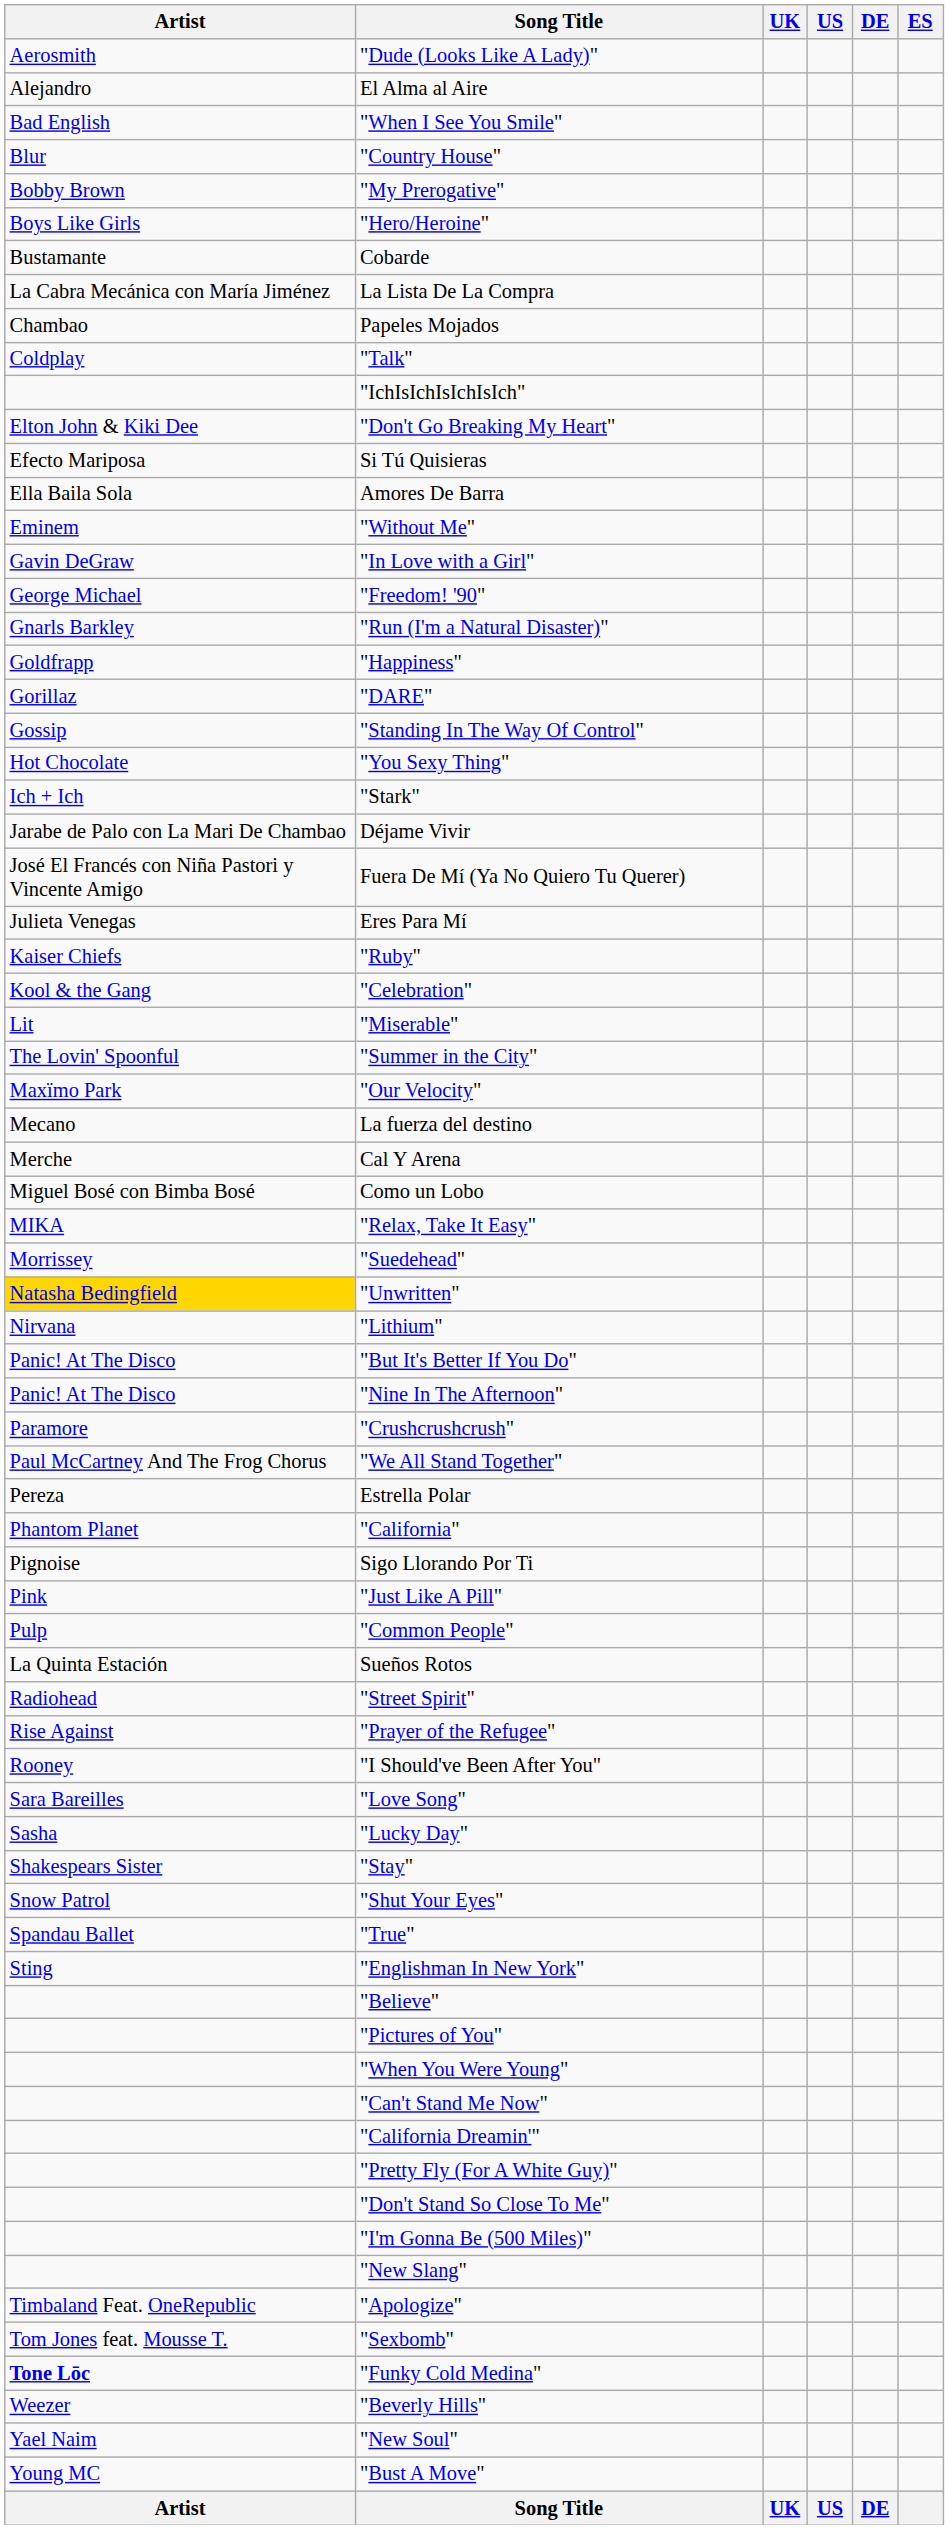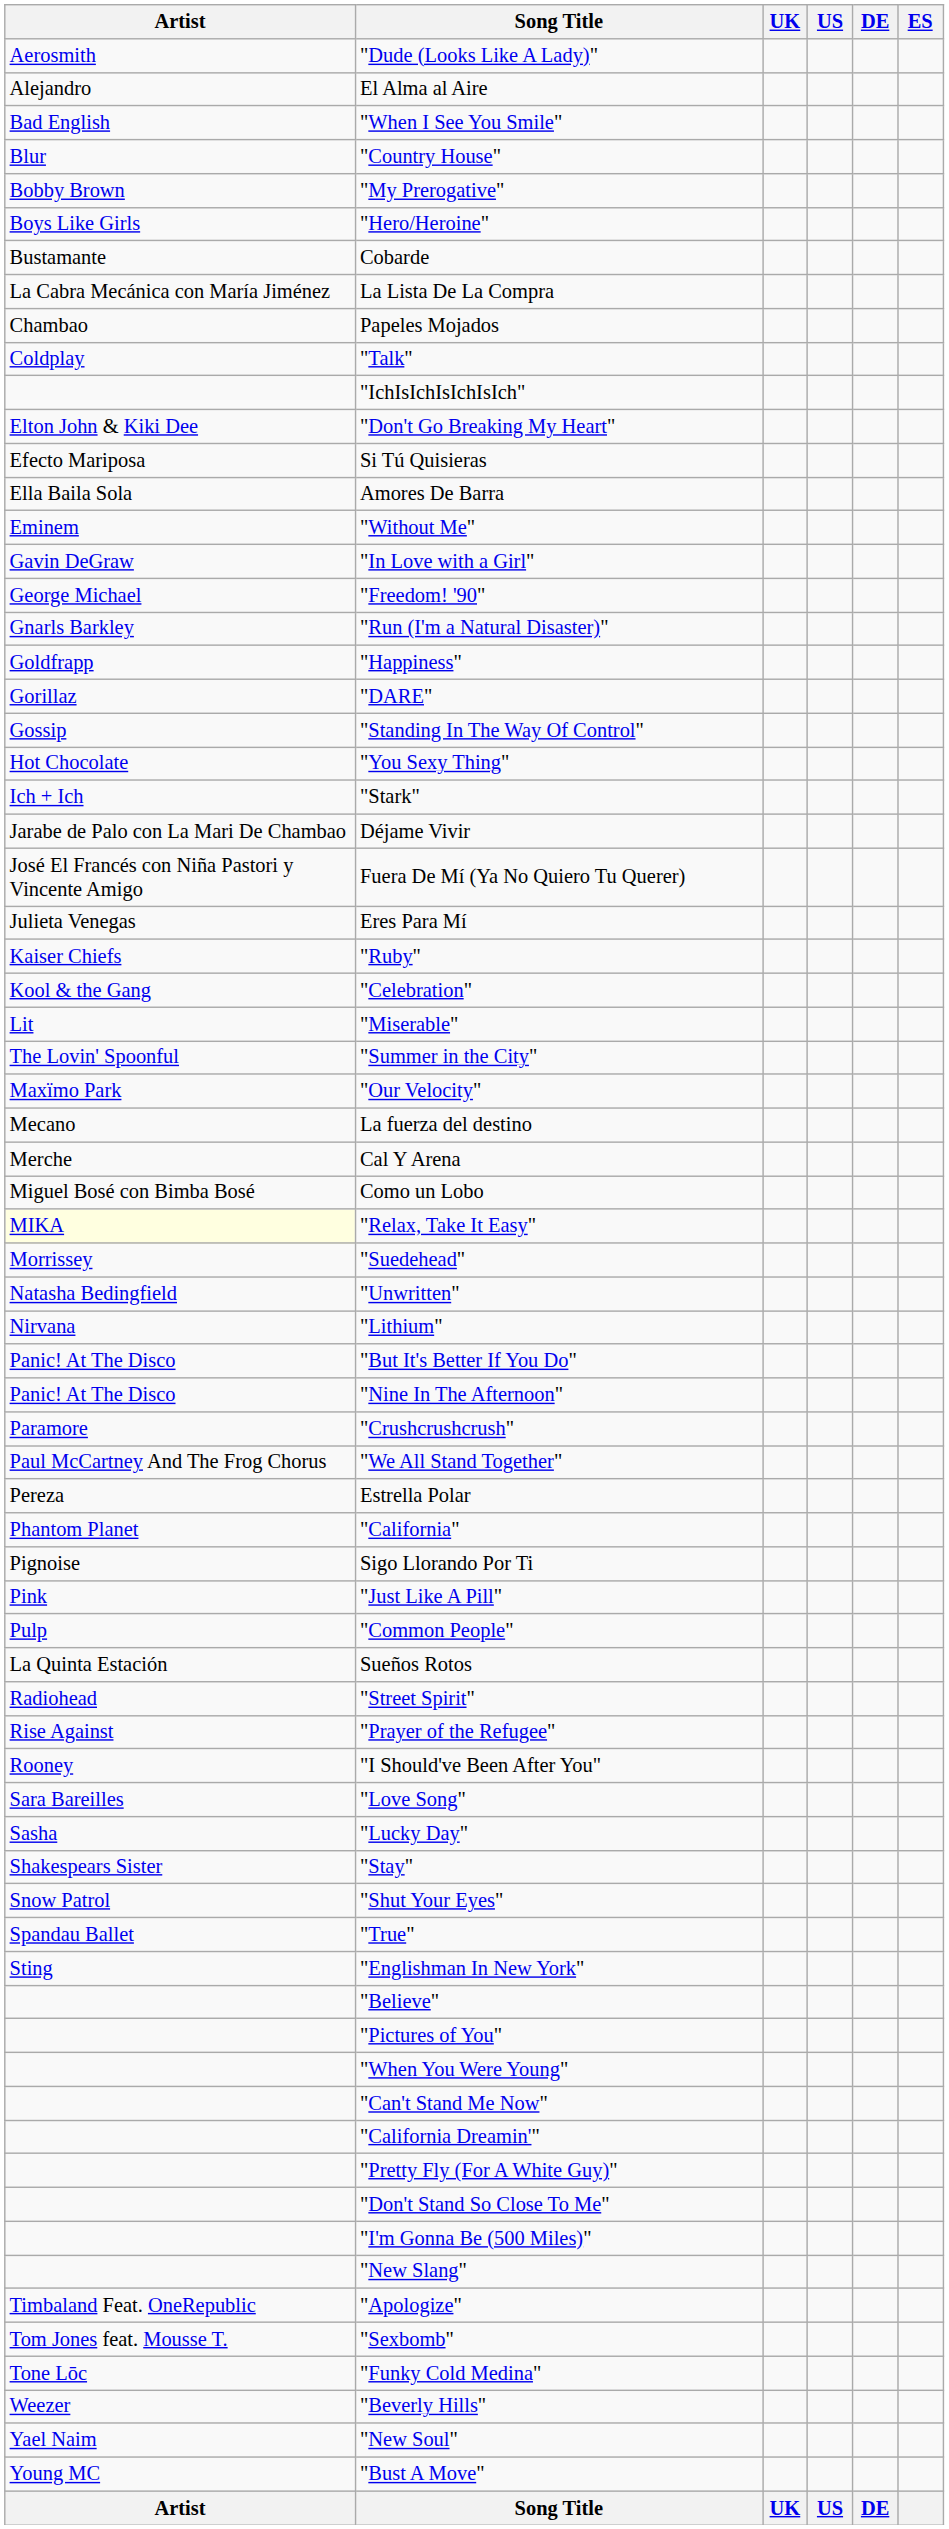 <table class="wikitable sortable" style="font-size:90%; text-align:left; margin: 5px;">
 <tr>
 <th style="width:240px;">Artist</th>
 <th style="width:280px;">Song Title</th>
 <th width=25px><a href='#'>UK</a></th>
 <th width=25px><a href='#'>US</a></th>
 <th width=25px><a href='#'>DE</a></th>
 <th width=25px><a href='#'>ES</a></th>
 </tr>
 <tr>
 <td><a href='#'>Aerosmith</a></td>
 <td>"<a href='#'>Dude (Looks Like A Lady)</a>"</td>
 <td></td>
 <td></td>
 <td></td>
 <td></td>
 </tr>
 <tr>
 <td>Alejandro</td>
 <td>El Alma al Aire</td>
 <td></td>
 <td></td>
 <td></td>
 <td></td>
 </tr>
 <tr>
 <td><a href='#'>Bad English</a></td>
 <td>"<a href='#'>When I See You Smile</a>"</td>
 <td></td>
 <td></td>
 <td></td>
 <td></td>
 </tr>
 <tr>
 <td><a href='#'>Blur</a></td>
 <td>"<a href='#'>Country House</a>"</td>
 <td></td>
 <td></td>
 <td></td>
 <td></td>
 </tr>
 <tr>
 <td><a href='#'>Bobby Brown</a></td>
 <td>"<a href='#'>My Prerogative</a>"</td>
 <td></td>
 <td></td>
 <td></td>
 <td></td>
 </tr>
 <tr>
 <td><a href='#'>Boys Like Girls</a></td>
 <td>"<a href='#'>Hero/Heroine</a>"</td>
 <td></td>
 <td></td>
 <td></td>
 <td></td>
 </tr>
 <tr>
 <td>Bustamante</td>
 <td>Cobarde</td>
 <td></td>
 <td></td>
 <td></td>
 <td></td>
 </tr>
 <tr>
 <td>La Cabra Mecánica con María Jiménez</td>
 <td>La Lista De La Compra</td>
 <td></td>
 <td></td>
 <td></td>
 <td></td>
 </tr>
 <tr>
 <td>Chambao</td>
 <td>Papeles Mojados</td>
 <td></td>
 <td></td>
 <td></td>
 <td></td>
 </tr>
 <tr>
 <td><a href='#'>Coldplay</a></td>
 <td>"<a href='#'>Talk</a>"</td>
 <td></td>
 <td></td>
 <td></td>
 <td></td>
 </tr>
 <tr>
 <td></td>
 <td>"IchIsIchIsIchIsIch"</td>
 <td></td>
 <td></td>
 <td></td>
 <td></td>
 </tr>
 <tr>
 <td><a href='#'>Elton John</a> & <a href='#'>Kiki Dee</a></td>
 <td>"<a href='#'>Don't Go Breaking My Heart</a>"</td>
 <td></td>
 <td></td>
 <td></td>
 <td></td>
 </tr>
 <tr>
 <td>Efecto Mariposa</td>
 <td>Si Tú Quisieras</td>
 <td></td>
 <td></td>
 <td></td>
 <td></td>
 </tr>
 <tr>
 <td>Ella Baila Sola</td>
 <td>Amores De Barra</td>
 <td></td>
 <td></td>
 <td></td>
 <td></td>
 </tr>
 <tr>
 <td><a href='#'>Eminem</a></td>
 <td>"<a href='#'>Without Me</a>"</td>
 <td></td>
 <td></td>
 <td></td>
 <td></td>
 </tr>
 <tr>
 <td><a href='#'>Gavin DeGraw</a></td>
 <td>"<a href='#'>In Love with a Girl</a>"</td>
 <td></td>
 <td></td>
 <td></td>
 <td></td>
 </tr>
 <tr>
 <td><a href='#'>George Michael</a></td>
 <td>"<a href='#'>Freedom! '90</a>"</td>
 <td></td>
 <td></td>
 <td></td>
 <td></td>
 </tr>
 <tr>
 <td><a href='#'>Gnarls Barkley</a></td>
 <td>"<a href='#'>Run (I'm a Natural Disaster)</a>"</td>
 <td></td>
 <td></td>
 <td></td>
 <td></td>
 </tr>
 <tr>
 <td><a href='#'>Goldfrapp</a></td>
 <td>"<a href='#'>Happiness</a>"</td>
 <td></td>
 <td></td>
 <td></td>
 <td></td>
 </tr>
 <tr>
 <td><a href='#'>Gorillaz</a></td>
 <td>"<a href='#'>DARE</a>"</td>
 <td></td>
 <td></td>
 <td></td>
 <td></td>
 </tr>
 <tr>
 <td><a href='#'>Gossip</a></td>
 <td>"<a href='#'>Standing In The Way Of Control</a>"</td>
 <td></td>
 <td></td>
 <td></td>
 <td></td>
 </tr>
 <tr>
 <td><a href='#'>Hot Chocolate</a></td>
 <td>"<a href='#'>You Sexy Thing</a>"</td>
 <td></td>
 <td></td>
 <td></td>
 <td></td>
 </tr>
 <tr>
 <td><a href='#'>Ich + Ich</a></td>
 <td>"Stark"</td>
 <td></td>
 <td></td>
 <td></td>
 <td></td>
 </tr>
 <tr>
 <td>Jarabe de Palo con La Mari De Chambao</td>
 <td>Déjame Vivir</td>
 <td></td>
 <td></td>
 <td></td>
 <td></td>
 </tr>
 <tr>
 <td>José El Francés con Niña Pastori y Vincente Amigo</td>
 <td>Fuera De Mí (Ya No Quiero Tu Querer)</td>
 <td></td>
 <td></td>
 <td></td>
 <td></td>
 </tr>
 <tr>
 <td>Julieta Venegas</td>
 <td>Eres Para Mí</td>
 <td></td>
 <td></td>
 <td></td>
 <td></td>
 </tr>
 <tr>
 <td><a href='#'>Kaiser Chiefs</a></td>
 <td>"<a href='#'>Ruby</a>"</td>
 <td></td>
 <td></td>
 <td></td>
 <td></td>
 </tr>
 <tr>
 <td><a href='#'>Kool & the Gang</a></td>
 <td>"<a href='#'>Celebration</a>"</td>
 <td></td>
 <td></td>
 <td></td>
 <td></td>
 </tr>
 <tr>
 <td><a href='#'>Lit</a></td>
 <td>"<a href='#'>Miserable</a>"</td>
 <td></td>
 <td></td>
 <td></td>
 <td></td>
 </tr>
 <tr>
 <td><a href='#'>The Lovin' Spoonful</a></td>
 <td>"<a href='#'>Summer in the City</a>"</td>
 <td></td>
 <td></td>
 <td></td>
 <td></td>
 </tr>
 <tr>
 <td><a href='#'>Maxïmo Park</a></td>
 <td>"<a href='#'>Our Velocity</a>"</td>
 <td></td>
 <td></td>
 <td></td>
 <td></td>
 </tr>
 <tr>
 <td>Mecano</td>
 <td>La fuerza del destino</td>
 <td></td>
 <td></td>
 <td></td>
 <td></td>
 </tr>
 <tr>
 <td>Merche</td>
 <td>Cal Y Arena</td>
 <td></td>
 <td></td>
 <td></td>
 <td></td>
 </tr>
 <tr>
 <td>Miguel Bosé con Bimba Bosé</td>
 <td>Como un Lobo</td>
 <td></td>
 <td></td>
 <td></td>
 <td></td>
 </tr>
 <tr>
-<td><a href='#'>MIKA</a></td>
+<td style="background: lightyellow;"><a href='#'>MIKA</a></td>
 <td>"<a href='#'>Relax, Take It Easy</a>"</td>
 <td></td>
 <td></td>
 <td></td>
 <td></td>
 </tr>
 <tr>
 <td><a href='#'>Morrissey</a></td>
 <td>"<a href='#'>Suedehead</a>"</td>
 <td></td>
 <td></td>
 <td></td>
 <td></td>
 </tr>
 <tr>
-<td style="background: gold;"><a href='#'>Natasha Bedingfield</a></td>
+<td><a href='#'>Natasha Bedingfield</a></td>
 <td>"<a href='#'>Unwritten</a>"</td>
 <td></td>
 <td></td>
 <td></td>
 <td></td>
 </tr>
 <tr>
 <td><a href='#'>Nirvana</a></td>
 <td>"<a href='#'>Lithium</a>"</td>
 <td></td>
 <td></td>
 <td></td>
 <td></td>
 </tr>
 <tr>
 <td><a href='#'>Panic! At The Disco</a></td>
 <td>"<a href='#'>But It's Better If You Do</a>"</td>
 <td></td>
 <td></td>
 <td></td>
 <td></td>
 </tr>
 <tr>
 <td><a href='#'>Panic! At The Disco</a></td>
 <td>"<a href='#'>Nine In The Afternoon</a>"</td>
 <td></td>
 <td></td>
 <td></td>
 <td></td>
 </tr>
 <tr>
 <td><a href='#'>Paramore</a></td>
 <td>"<a href='#'>Crushcrushcrush</a>"</td>
 <td></td>
 <td></td>
 <td></td>
 <td></td>
 </tr>
 <tr>
 <td><a href='#'>Paul McCartney</a> And The Frog Chorus</td>
 <td>"<a href='#'>We All Stand Together</a>"</td>
 <td></td>
 <td></td>
 <td></td>
 <td></td>
 </tr>
 <tr>
 <td>Pereza</td>
 <td>Estrella Polar</td>
 <td></td>
 <td></td>
 <td></td>
 <td></td>
 </tr>
 <tr>
 <td><a href='#'>Phantom Planet</a></td>
 <td>"<a href='#'>California</a>"</td>
 <td></td>
 <td></td>
 <td></td>
 <td></td>
 </tr>
 <tr>
 <td>Pignoise</td>
 <td>Sigo Llorando Por Ti</td>
 <td></td>
 <td></td>
 <td></td>
 <td></td>
 </tr>
 <tr>
 <td><a href='#'>Pink</a></td>
 <td>"<a href='#'>Just Like A Pill</a>"</td>
 <td></td>
 <td></td>
 <td></td>
 <td></td>
 </tr>
 <tr>
 <td><a href='#'>Pulp</a></td>
 <td>"<a href='#'>Common People</a>"</td>
 <td></td>
 <td></td>
 <td></td>
 <td></td>
 </tr>
 <tr>
 <td>La Quinta Estación</td>
 <td>Sueños Rotos</td>
 <td></td>
 <td></td>
 <td></td>
 <td></td>
 </tr>
 <tr>
 <td><a href='#'>Radiohead</a></td>
 <td>"<a href='#'>Street Spirit</a>"</td>
 <td></td>
 <td></td>
 <td></td>
 <td></td>
 </tr>
 <tr>
 <td><a href='#'>Rise Against</a></td>
 <td>"<a href='#'>Prayer of the Refugee</a>"</td>
 <td></td>
 <td></td>
 <td></td>
 <td></td>
 </tr>
 <tr>
 <td><a href='#'>Rooney</a></td>
 <td>"I Should've Been After You"</td>
 <td></td>
 <td></td>
 <td></td>
 <td></td>
 </tr>
 <tr>
 <td><a href='#'>Sara Bareilles</a></td>
 <td>"<a href='#'>Love Song</a>"</td>
 <td></td>
 <td></td>
 <td></td>
 <td></td>
 </tr>
 <tr>
 <td><a href='#'>Sasha</a></td>
 <td>"<a href='#'>Lucky Day</a>"</td>
 <td></td>
 <td></td>
 <td></td>
 <td></td>
 </tr>
 <tr>
 <td><a href='#'>Shakespears Sister</a></td>
 <td>"<a href='#'>Stay</a>"</td>
 <td></td>
 <td></td>
 <td></td>
 <td></td>
 </tr>
 <tr>
 <td><a href='#'>Snow Patrol</a></td>
 <td>"<a href='#'>Shut Your Eyes</a>"</td>
 <td></td>
 <td></td>
 <td></td>
 <td></td>
 </tr>
 <tr>
 <td><a href='#'>Spandau Ballet</a></td>
 <td>"<a href='#'>True</a>"</td>
 <td></td>
 <td></td>
 <td></td>
 <td></td>
 </tr>
 <tr>
 <td><a href='#'>Sting</a></td>
 <td>"<a href='#'>Englishman In New York</a>"</td>
 <td></td>
 <td></td>
 <td></td>
 <td></td>
 </tr>
 <tr>
 <td></td>
 <td>"<a href='#'>Believe</a>"</td>
 <td></td>
 <td></td>
 <td></td>
 <td></td>
 </tr>
 <tr>
 <td></td>
 <td>"<a href='#'>Pictures of You</a>"</td>
 <td></td>
 <td></td>
 <td></td>
 <td></td>
 </tr>
 <tr>
 <td></td>
 <td>"<a href='#'>When You Were Young</a>"</td>
 <td></td>
 <td></td>
 <td></td>
 <td></td>
 </tr>
 <tr>
 <td></td>
 <td>"<a href='#'>Can't Stand Me Now</a>"</td>
 <td></td>
 <td></td>
 <td></td>
 <td></td>
 </tr>
 <tr>
 <td></td>
 <td>"<a href='#'>California Dreamin'</a>"</td>
 <td></td>
 <td></td>
 <td></td>
 <td></td>
 </tr>
 <tr>
 <td></td>
 <td>"<a href='#'>Pretty Fly (For A White Guy)</a>"</td>
 <td></td>
 <td></td>
 <td></td>
 <td></td>
 </tr>
 <tr>
 <td></td>
 <td>"<a href='#'>Don't Stand So Close To Me</a>"</td>
 <td></td>
 <td></td>
 <td></td>
 <td></td>
 </tr>
 <tr>
 <td></td>
 <td>"<a href='#'>I'm Gonna Be (500 Miles)</a>"</td>
 <td></td>
 <td></td>
 <td></td>
 <td></td>
 </tr>
 <tr>
 <td></td>
 <td>"<a href='#'>New Slang</a>"</td>
 <td></td>
 <td></td>
 <td></td>
 <td></td>
 </tr>
 <tr>
 <td><a href='#'>Timbaland</a> Feat. <a href='#'>OneRepublic</a></td>
 <td>"<a href='#'>Apologize</a>"</td>
 <td></td>
 <td></td>
 <td></td>
 <td></td>
 </tr>
 <tr>
 <td><a href='#'>Tom Jones</a> feat. <a href='#'>Mousse T.</a></td>
 <td>"<a href='#'>Sexbomb</a>"</td>
 <td></td>
 <td></td>
 <td></td>
 <td></td>
 </tr>
 <tr>
-<td><strong><a href='#'>Tone Lōc</a></strong></td>
+<td><a href='#'>Tone Lōc</a></td>
 <td>"<a href='#'>Funky Cold Medina</a>"</td>
 <td></td>
 <td></td>
 <td></td>
 <td></td>
 </tr>
 <tr>
 <td><a href='#'>Weezer</a></td>
 <td>"<a href='#'>Beverly Hills</a>"</td>
 <td></td>
 <td></td>
 <td></td>
 <td></td>
 </tr>
 <tr>
 <td><a href='#'>Yael Naim</a></td>
 <td>"<a href='#'>New Soul</a>"</td>
 <td></td>
 <td></td>
 <td></td>
 <td></td>
 </tr>
 <tr>
 <td><a href='#'>Young MC</a></td>
 <td>"<a href='#'>Bust A Move</a>"</td>
 <td></td>
 <td></td>
 <td></td>
 <td></td>
 </tr>
 <tr class="sortbottom">
 <th>Artist</th>
 <th>Song Title</th>
 <th><a href='#'>UK</a></th>
 <th><a href='#'>US</a></th>
 <th><a href='#'>DE</a></th>
 <th></th>
 </tr>
 </table>
